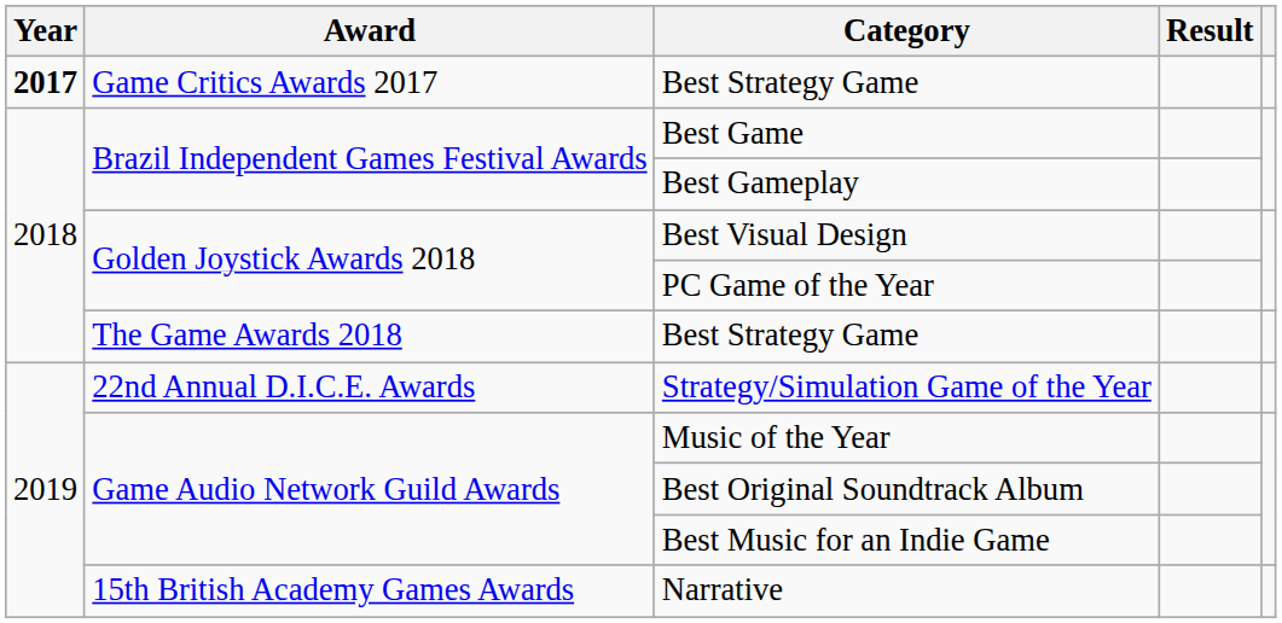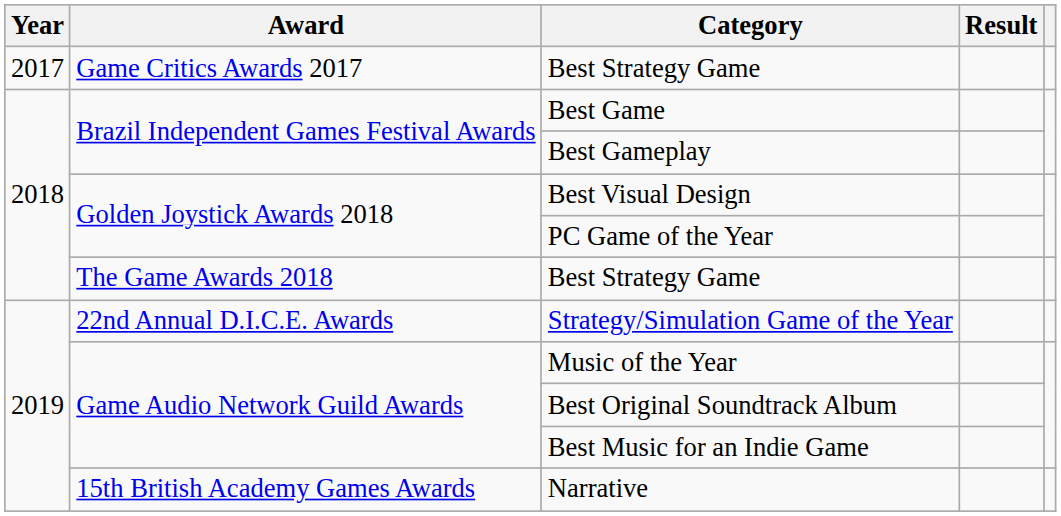 <table class="wikitable">
 <tr>
 <th>Year</th>
 <th>Award</th>
 <th>Category</th>
 <th>Result</th>
 <th></th>
 </tr>
 <tr>
-<td><strong>2017</strong></td>
+<td>2017</td>
 <td><a href='#'>Game Critics Awards</a> 2017</td>
 <td>Best Strategy Game</td>
 <td></td>
 <td align="center"></td>
 </tr>
 <tr>
 <td align="center" rowspan="5">2018</td>
 <td rowspan="2"><a href='#'>Brazil Independent Games Festival Awards</a></td>
 <td>Best Game</td>
 <td></td>
 <td align="center" rowspan="2"></td>
 </tr>
 <tr>
 <td>Best Gameplay</td>
 <td></td>
 </tr>
 <tr>
 <td rowspan="2"><a href='#'>Golden Joystick Awards</a> 2018</td>
 <td>Best Visual Design</td>
 <td></td>
 <td align="center" rowspan="2"></td>
 </tr>
 <tr>
 <td>PC Game of the Year</td>
 <td></td>
 </tr>
 <tr>
 <td><a href='#'>The Game Awards 2018</a></td>
 <td>Best Strategy Game</td>
 <td></td>
 <td align="center"></td>
 </tr>
 <tr>
 <td align="center" rowspan="5">2019</td>
 <td><a href='#'>22nd Annual D.I.C.E. Awards</a></td>
 <td><a href='#'>Strategy/Simulation Game of the Year</a></td>
 <td></td>
 <td align="center"></td>
 </tr>
 <tr>
 <td rowspan="3"><a href='#'>Game Audio Network Guild Awards</a></td>
 <td>Music of the Year</td>
 <td></td>
 <td align="center" rowspan="3"></td>
 </tr>
 <tr>
 <td>Best Original Soundtrack Album</td>
 <td></td>
 </tr>
 <tr>
 <td>Best Music for an Indie Game</td>
 <td></td>
 </tr>
 <tr>
 <td><a href='#'>15th British Academy Games Awards</a></td>
 <td>Narrative</td>
 <td></td>
 <td align="center"></td>
 </tr>
 </table>
